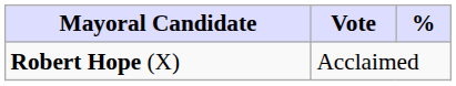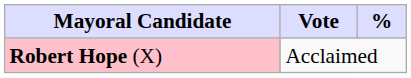 <table class="wikitable">
 <tr>
 <th style="background:#ddf; width:200px;">Mayoral Candidate</th>
 <th style="background:#ddf; width:50px;">Vote</th>
 <th style="background:#ddf; width:30px;">%</th>
 </tr>
 <tr>
-<td><strong>Robert Hope</strong> (X)</td>
+<td style="background: pink;"><strong>Robert Hope</strong> (X)</td>
 <td colspan="2">Acclaimed</td>
 </tr>
 </table>
